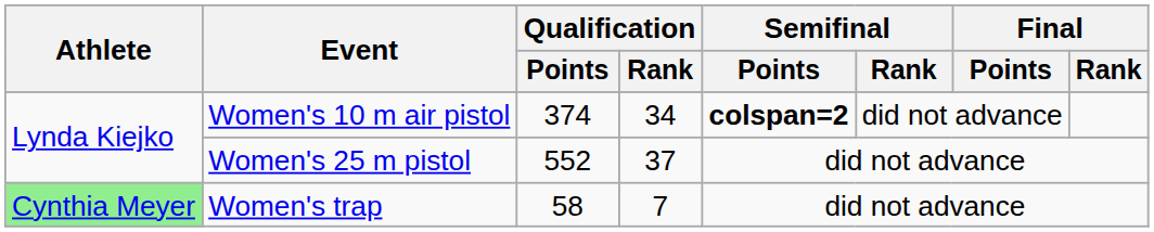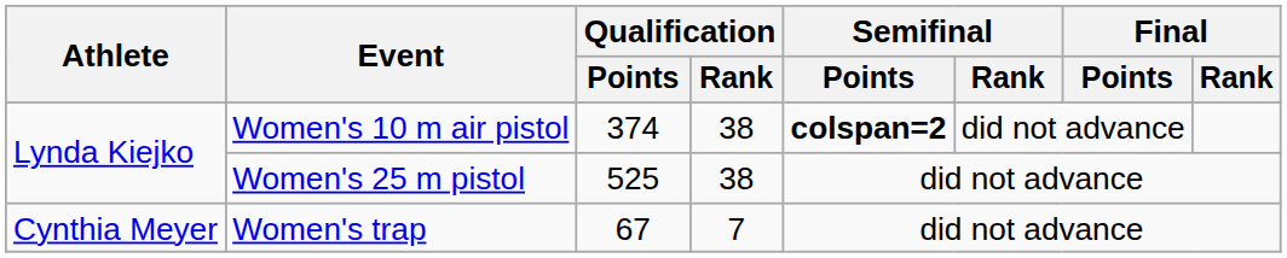 <table class="wikitable" style="font-size:90%">
 <tr>
 <th rowspan="2">Athlete</th>
 <th rowspan="2">Event</th>
 <th colspan=2>Qualification</th>
 <th colspan=2>Semifinal</th>
 <th colspan=2>Final</th>
 </tr>
 <tr style="font-size:95%">
 <th>Points</th>
 <th>Rank</th>
 <th>Points</th>
 <th>Rank</th>
 <th>Points</th>
 <th>Rank</th>
 </tr>
 <tr align=center>
 <td align=left rowspan=2><a href='#'>Lynda Kiejko</a></td>
 <td align=left><a href='#'>Women's 10 m air pistol</a></td>
 <td>374</td>
-<td>34</td>
+<td>38</td>
 <td><strong>colspan=2 </strong></td>
 <td colspan=2>did not advance</td>
 </tr>
 <tr align=center>
 <td align=left><a href='#'>Women's 25 m pistol</a></td>
-<td>552</td>
-<td>37</td>
+<td>525</td>
+<td>38</td>
 <td colspan=4>did not advance</td>
 </tr>
 <tr align=center>
-<td align=left style="background: lightgreen;"><a href='#'>Cynthia Meyer</a></td>
+<td align=left><a href='#'>Cynthia Meyer</a></td>
 <td align=left><a href='#'>Women's trap</a></td>
-<td>58</td>
+<td>67</td>
 <td>7</td>
 <td colspan=4>did not advance</td>
 </tr>
 </table>
